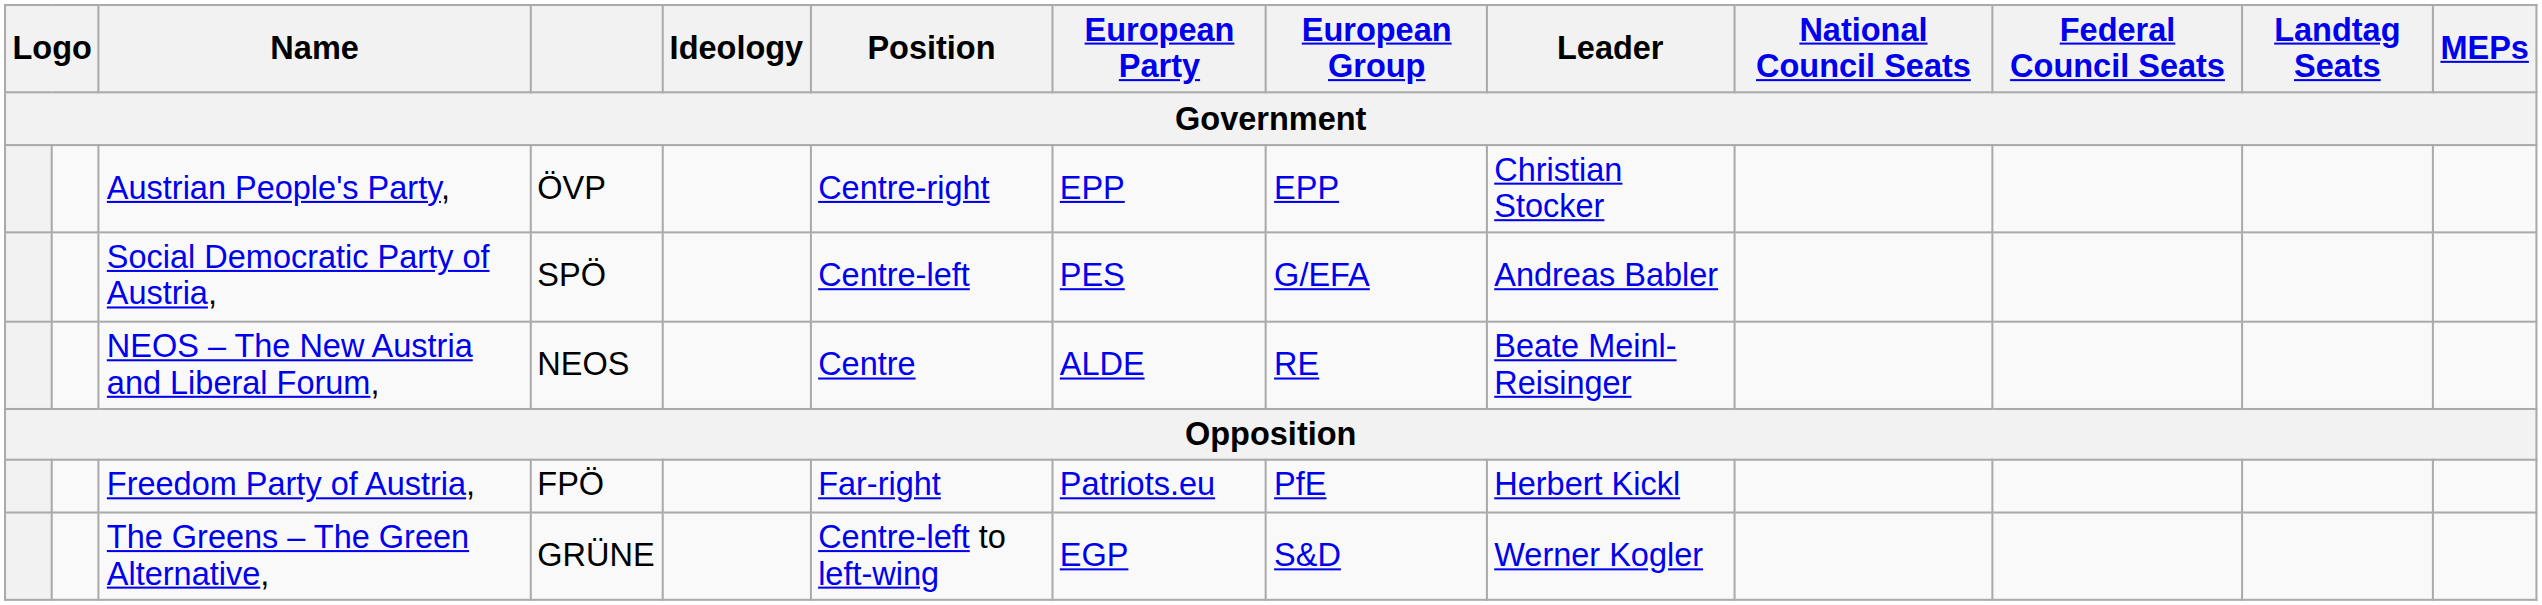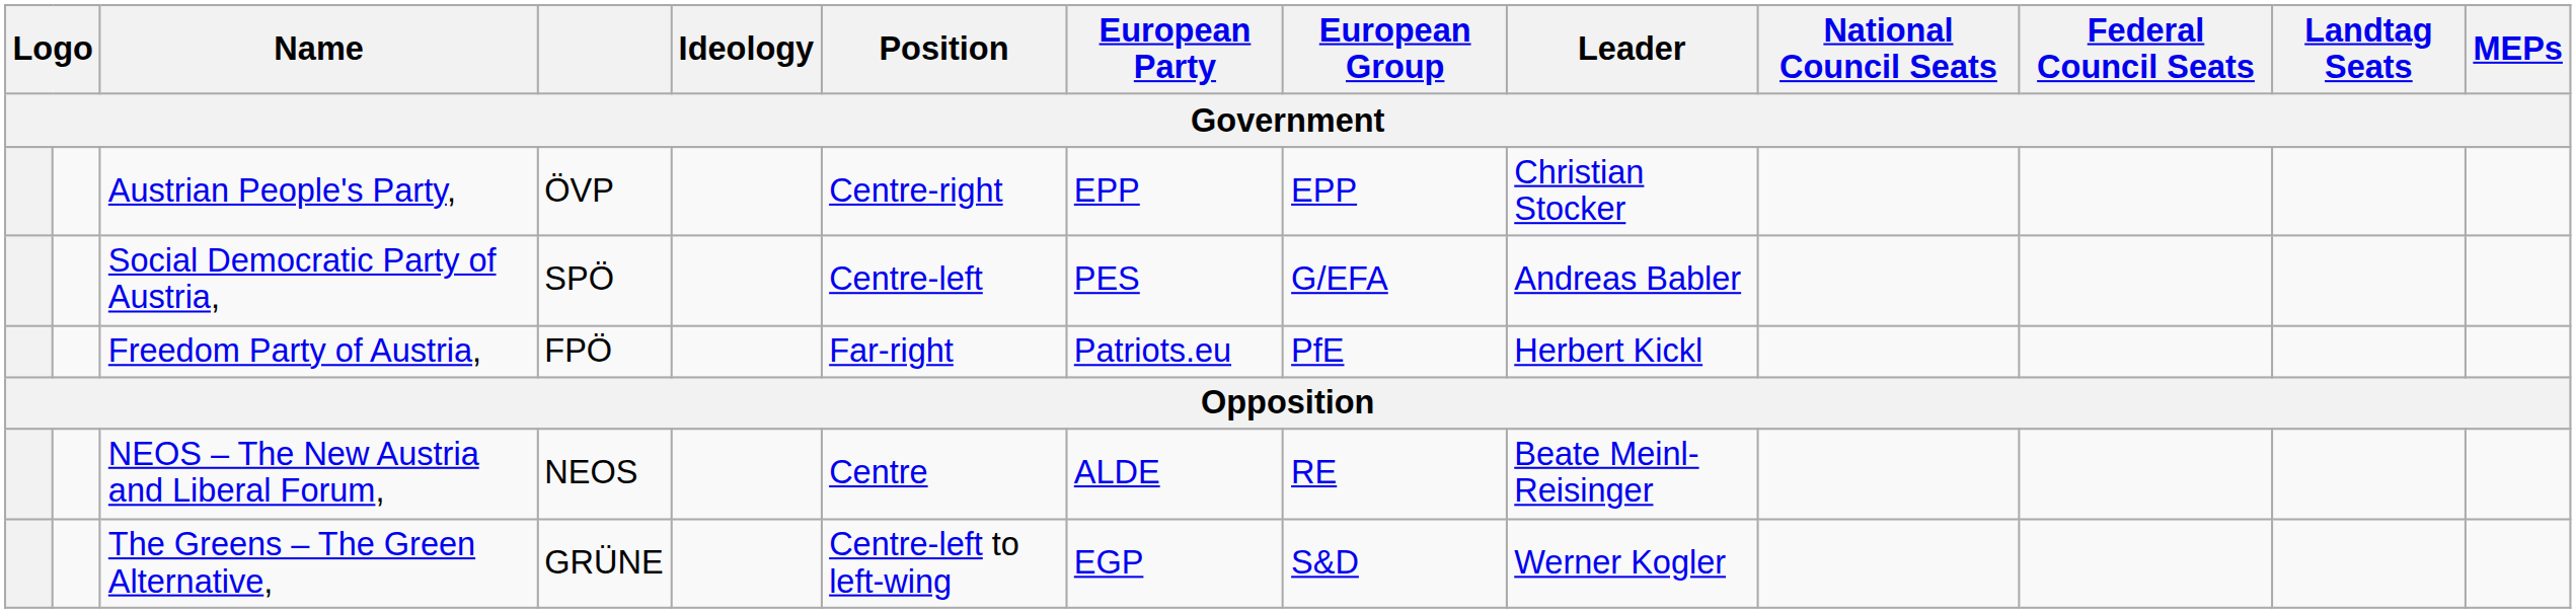 <table class="wikitable">
 <tr>
 <th colspan=2>Logo</th>
 <th>Name</th>
 <th></th>
 <th>Ideology</th>
 <th>Position</th>
 <th><a href='#'>European Party</a></th>
 <th><a href='#'>European Group</a></th>
 <th>Leader</th>
 <th><a href='#'>National Council Seats</a></th>
 <th><a href='#'>Federal Council Seats</a></th>
 <th><a href='#'>Landtag Seats</a></th>
 <th><a href='#'>MEPs</a></th>
 </tr>
 <tr>
 <th colspan="13">Government</th>
 </tr>
 <tr>
 <th style="background-color: "></th>
 <td></td>
 <td><a href='#'>Austrian People's Party</a>,     <br><small></small></td>
 <td>ÖVP</td>
 <td></td>
 <td><a href='#'>Centre-right</a></td>
 <td><a href='#'>EPP</a></td>
 <td><a href='#'>EPP</a></td>
 <td><a href='#'>Christian Stocker</a></td>
 <td></td>
 <td></td>
 <td></td>
 <td></td>
 </tr>
 <tr>
 <th style="background-color: "></th>
 <td style=text-align:center></td>
 <td><a href='#'>Social Democratic Party of Austria</a>,    <br><small></small></td>
 <td>SPÖ</td>
 <td></td>
 <td><a href='#'>Centre-left</a></td>
 <td><a href='#'>PES</a></td>
 <td><a href='#'>G/EFA</a></td>
 <td><a href='#'>Andreas Babler</a></td>
 <td></td>
 <td></td>
 <td></td>
 <td></td>
 </tr>
 <tr>
 <th style="background-color: "></th>
 <td></td>
-<td><a href='#'>NEOS – The New Austria and Liberal Forum</a>,    <br><small></small></td>
-<td>NEOS</td>
+<td><a href='#'>Freedom Party of Austria</a>,   <br><small></small></td>
+<td>FPÖ</td>
 <td></td>
-<td><a href='#'>Centre</a></td>
-<td><a href='#'>ALDE</a></td>
-<td><a href='#'>RE</a></td>
-<td><a href='#'>Beate Meinl-Reisinger</a></td>
+<td><a href='#'>Far-right</a></td>
+<td><a href='#'>Patriots.eu</a></td>
+<td><a href='#'>PfE</a></td>
+<td><a href='#'>Herbert Kickl</a></td>
 <td></td>
 <td></td>
 <td></td>
 <td></td>
 </tr>
 <tr>
 <th colspan="13">Opposition</th>
 </tr>
 <tr>
 <th style="background-color: "></th>
 <td></td>
-<td><a href='#'>Freedom Party of Austria</a>,   <br><small></small></td>
-<td>FPÖ</td>
+<td><a href='#'>NEOS – The New Austria and Liberal Forum</a>,    <br><small></small></td>
+<td>NEOS</td>
 <td></td>
-<td><a href='#'>Far-right</a></td>
-<td><a href='#'>Patriots.eu</a></td>
-<td><a href='#'>PfE</a></td>
-<td><a href='#'>Herbert Kickl</a></td>
+<td><a href='#'>Centre</a></td>
+<td><a href='#'>ALDE</a></td>
+<td><a href='#'>RE</a></td>
+<td><a href='#'>Beate Meinl-Reisinger</a></td>
 <td></td>
 <td></td>
 <td></td>
 <td></td>
 </tr>
 <tr>
 <th style="background-color: "></th>
 <td></td>
 <td><a href='#'>The Greens – The Green Alternative</a>,    <br><small></small></td>
 <td>GRÜNE</td>
 <td></td>
 <td><a href='#'>Centre-left</a> to <a href='#'>left-wing</a></td>
 <td><a href='#'>EGP</a></td>
 <td><a href='#'>S&D</a></td>
 <td><a href='#'>Werner Kogler</a></td>
 <td></td>
 <td></td>
 <td></td>
 <td></td>
 </tr>
 </table>
